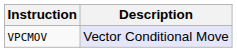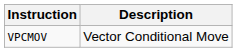 <table class="wikitable">
 <tr>
 <th>Instruction</th>
 <th>Description</th>
 </tr>
 <tr>
 <td><code>VPCMOV</code></td>
-<td style="background: lavender;">Vector Conditional Move</td>
+<td>Vector Conditional Move</td>
 </tr>
 </table>
